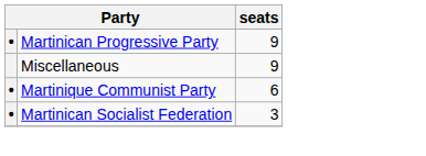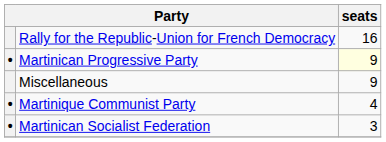 <table class="wikitable" style="font-size: 95%;">
 <tr>
 <th colspan=2>Party</th>
 <th>seats</th>
 </tr>
 <tr>
+<th style="background-color: "></th>
+<td><a href='#'>Rally for the Republic</a>-<a href='#'>Union for French Democracy</a></td>
+<td align="right">16</td>
+</tr>
+<tr>
 <th style="background-color: "><span>•</span></th>
 <td><a href='#'>Martinican Progressive Party</a></td>
-<td align="right">9</td>
+<td align="right" style="background: lightyellow;">9</td>
 </tr>
 <tr>
 <th style="background-color: "></th>
 <td>Miscellaneous</td>
 <td align="right">9</td>
 </tr>
 <tr>
 <th style="background-color: "><span>•</span></th>
 <td><a href='#'>Martinique Communist Party</a></td>
-<td align="right">6</td>
+<td align="right">4</td>
 </tr>
 <tr>
 <th style="background-color: "><span>•</span></th>
 <td><a href='#'>Martinican Socialist Federation</a></td>
 <td align="right">3</td>
 </tr>
 <tr>
 </tr>
 </table>
